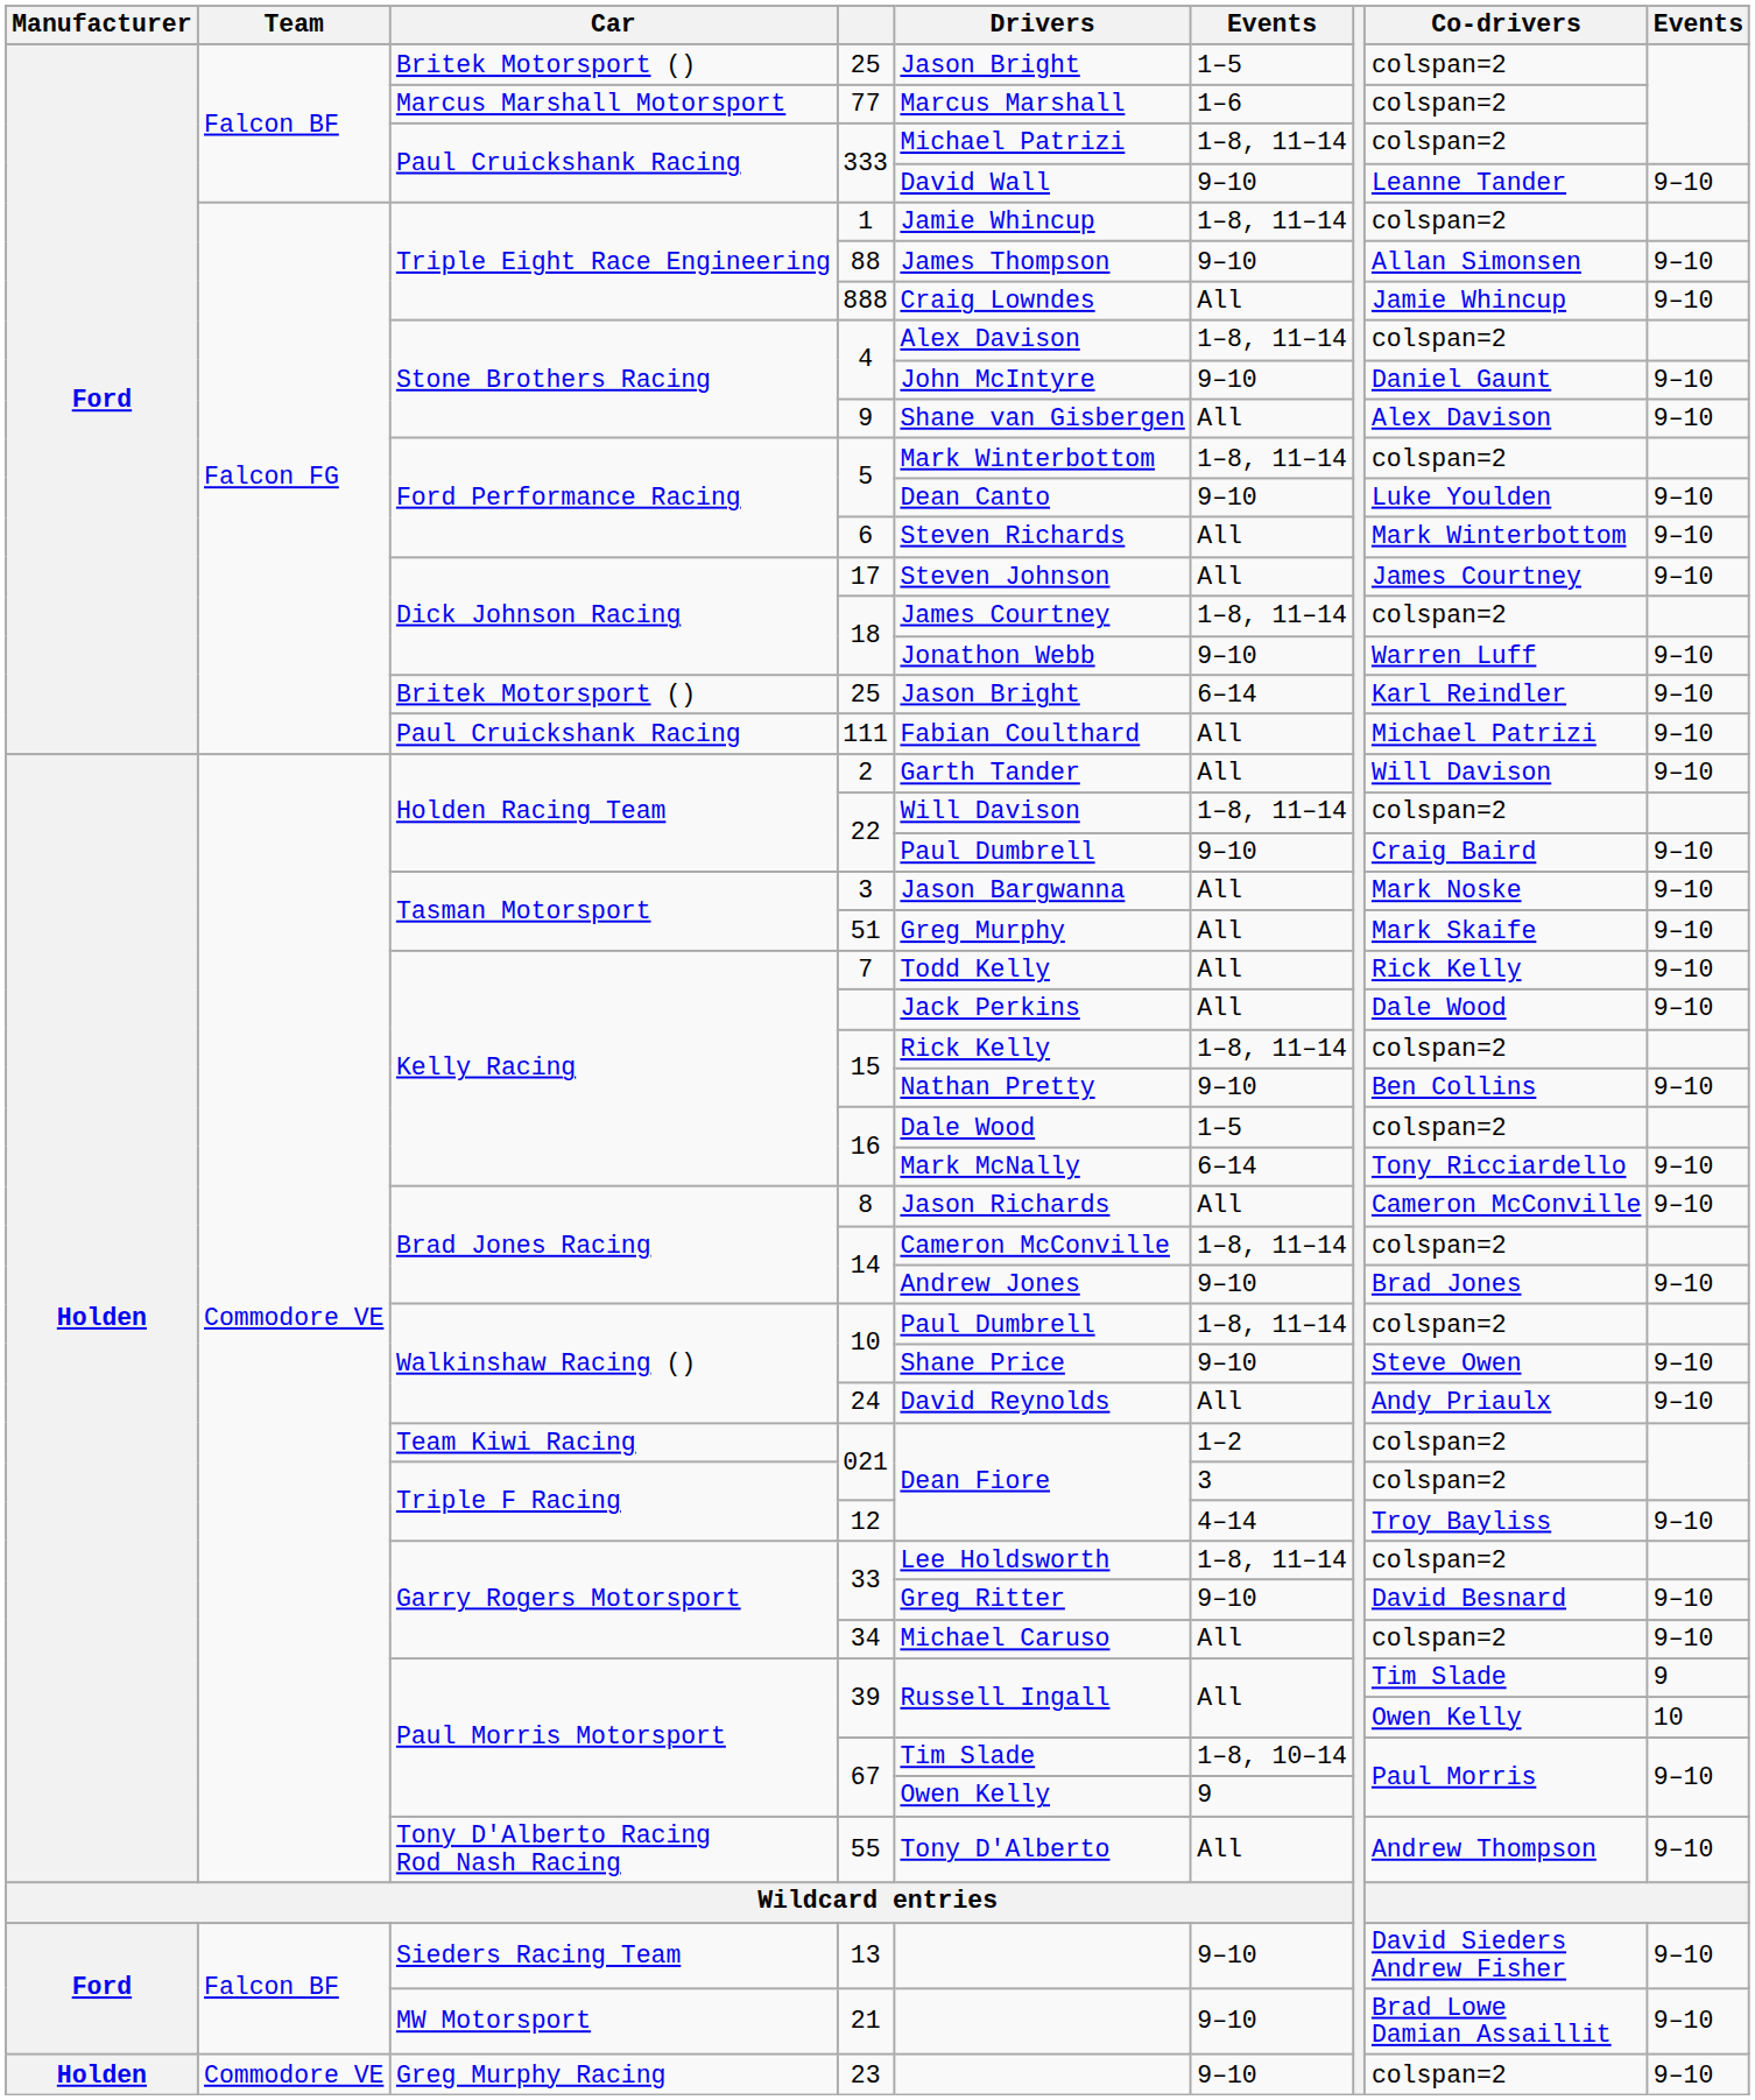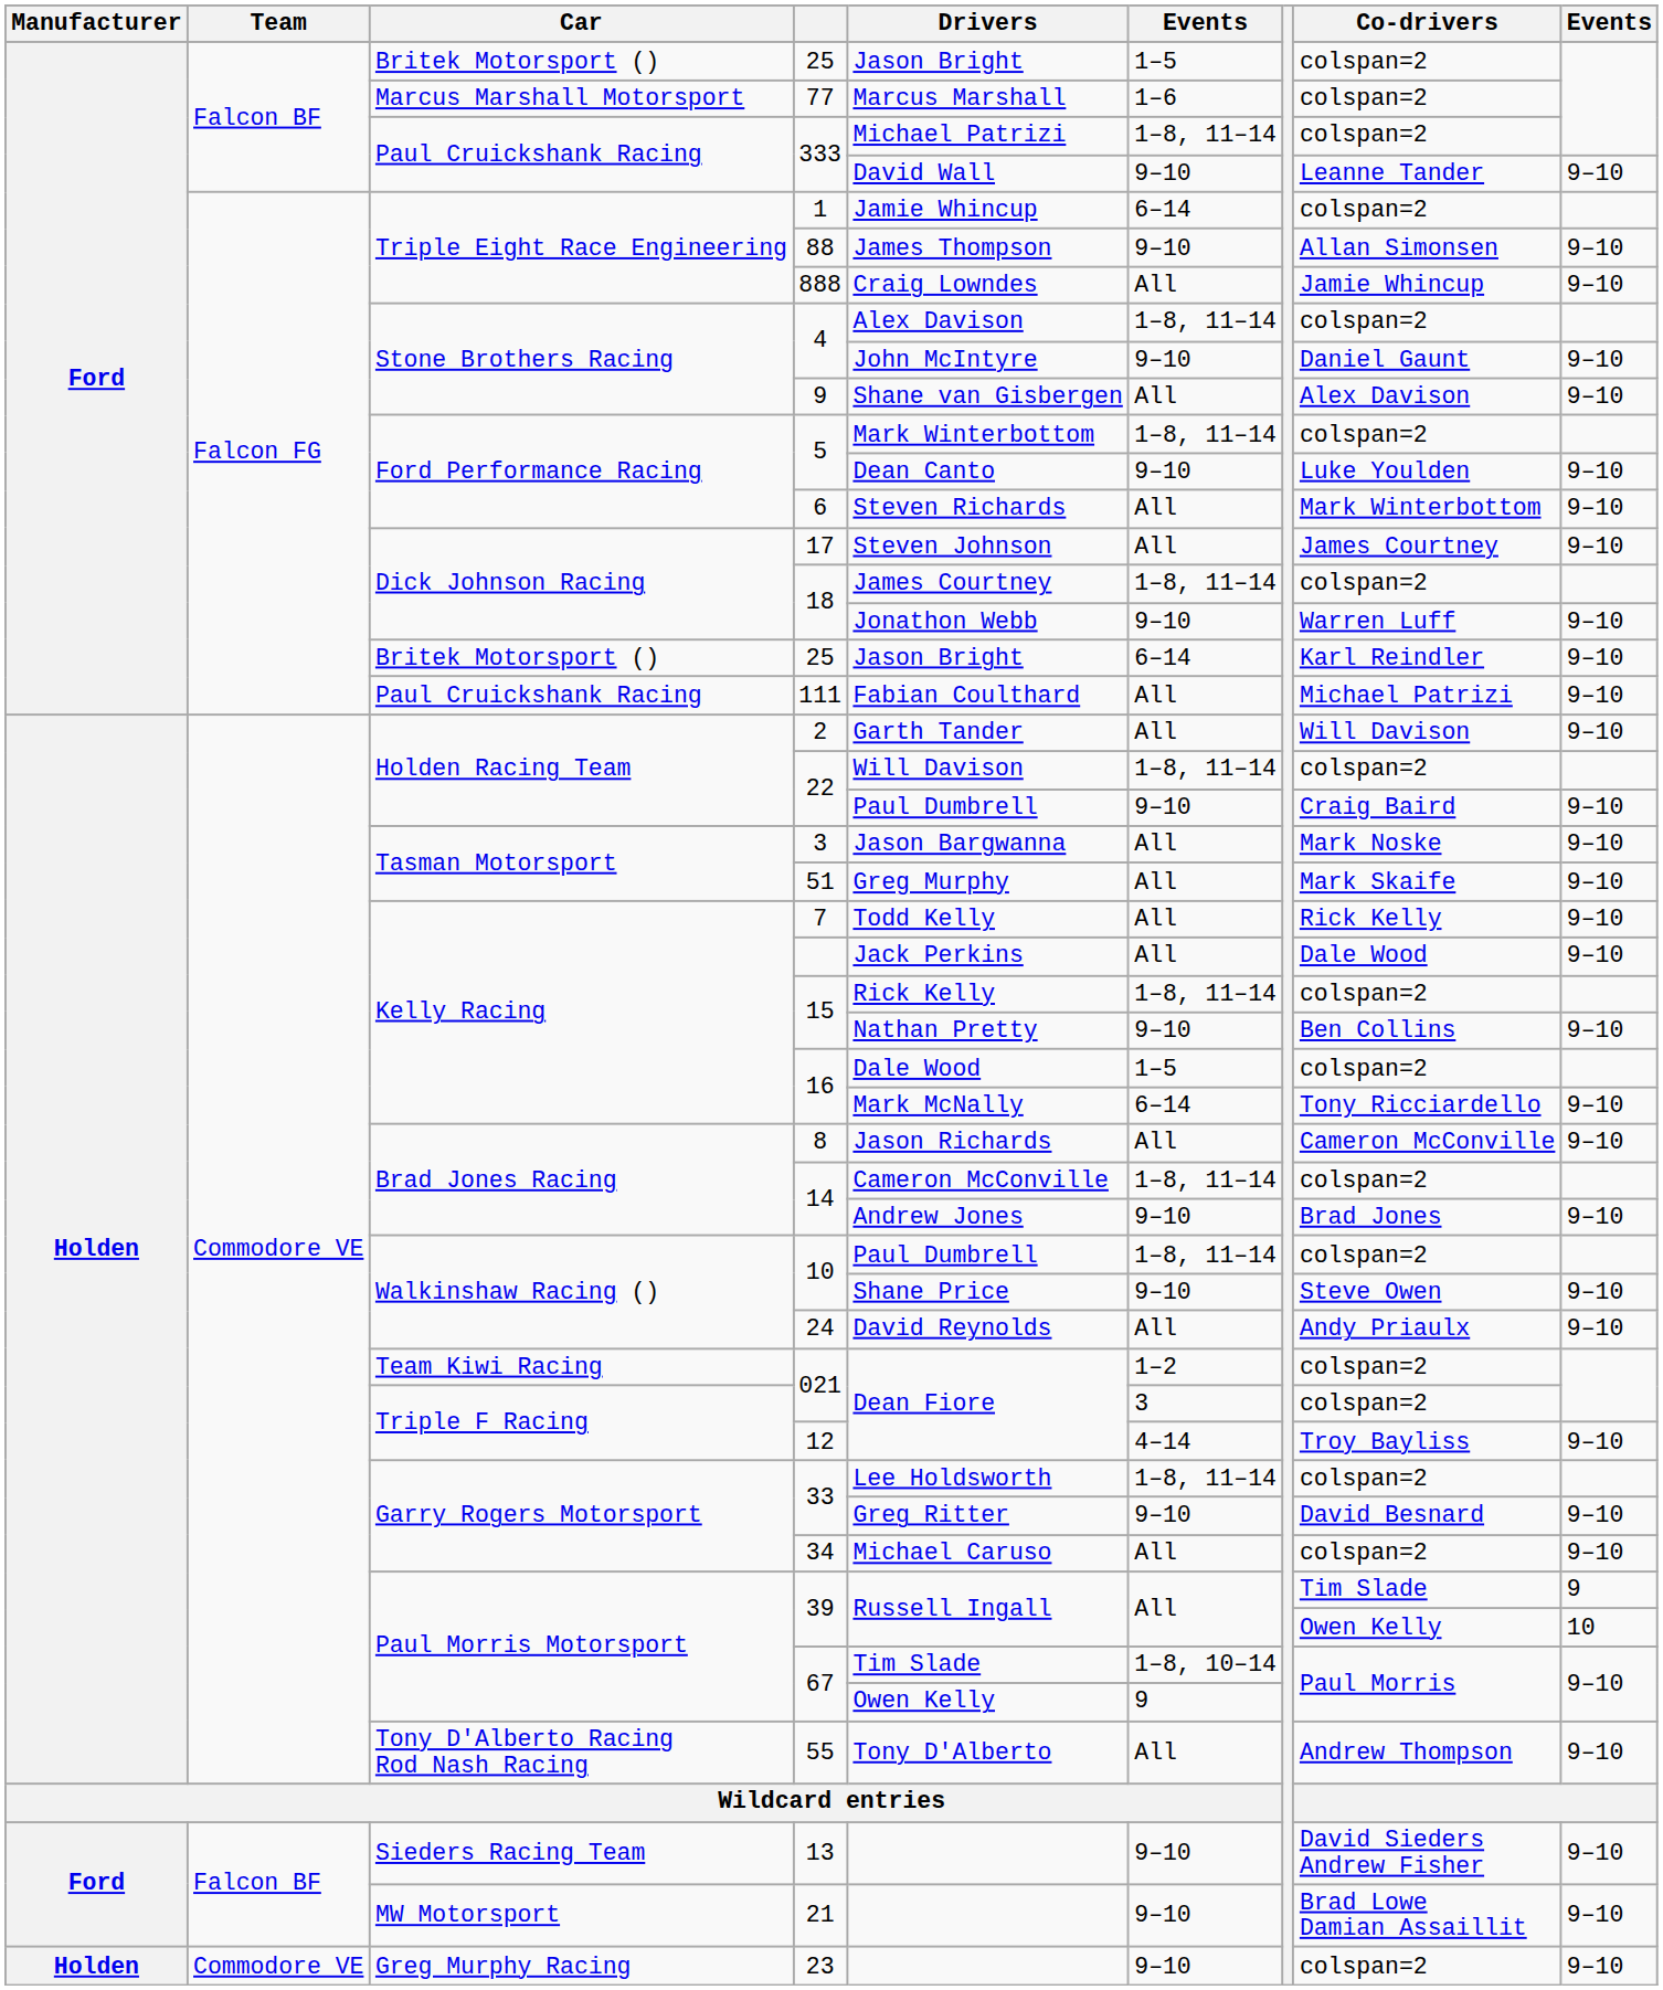 <table class="wikitable" style="font-size: 85%;">
 <tr>
 <th>Manufacturer</th>
 <th>Team</th>
 <th>Car</th>
 <th></th>
 <th>Drivers</th>
 <th>Events</th>
 <th rowspan=51></th>
 <th>Co-drivers</th>
 <th>Events</th>
 </tr>
 <tr>
 <th rowspan=18><a href='#'>Ford</a></th>
 <td rowspan=4><a href='#'>Falcon BF</a></td>
 <td><a href='#'>Britek Motorsport</a> ()</td>
 <td align=center>25</td>
 <td> <a href='#'>Jason Bright</a></td>
 <td>1–5</td>
 <td>colspan=2 </td>
 </tr>
 <tr>
 <td><a href='#'>Marcus Marshall Motorsport</a></td>
 <td align=center>77</td>
 <td> <a href='#'>Marcus Marshall</a></td>
 <td>1–6</td>
 <td>colspan=2 </td>
 </tr>
 <tr>
 <td rowspan=2><a href='#'>Paul Cruickshank Racing</a></td>
 <td rowspan=2 align=center>333</td>
 <td> <a href='#'>Michael Patrizi</a></td>
 <td>1–8, 11–14</td>
 <td>colspan=2 </td>
 </tr>
 <tr>
 <td> <a href='#'>David Wall</a></td>
 <td>9–10</td>
 <td> <a href='#'>Leanne Tander</a></td>
 <td>9–10</td>
 </tr>
 <tr>
 <td rowspan=14><a href='#'>Falcon FG</a></td>
 <td rowspan=3><a href='#'>Triple Eight Race Engineering</a></td>
 <td align=center>1</td>
 <td> <a href='#'>Jamie Whincup</a></td>
-<td>1–8, 11–14</td>
+<td>6–14</td>
 <td>colspan=2 </td>
 </tr>
 <tr>
 <td align=center>88</td>
 <td> <a href='#'>James Thompson</a></td>
 <td>9–10</td>
 <td> <a href='#'>Allan Simonsen</a></td>
 <td>9–10</td>
 </tr>
 <tr>
 <td align=center>888</td>
 <td> <a href='#'>Craig Lowndes</a></td>
 <td>All</td>
 <td> <a href='#'>Jamie Whincup</a></td>
 <td>9–10</td>
 </tr>
 <tr>
 <td rowspan=3><a href='#'>Stone Brothers Racing</a></td>
 <td rowspan=2 align=center>4</td>
 <td> <a href='#'>Alex Davison</a></td>
 <td>1–8, 11–14</td>
 <td>colspan=2 </td>
 </tr>
 <tr>
 <td> <a href='#'>John McIntyre</a></td>
 <td>9–10</td>
 <td> <a href='#'>Daniel Gaunt</a></td>
 <td>9–10</td>
 </tr>
 <tr>
 <td align=center>9</td>
 <td> <a href='#'>Shane van Gisbergen</a></td>
 <td>All</td>
 <td> <a href='#'>Alex Davison</a></td>
 <td>9–10</td>
 </tr>
 <tr>
 <td rowspan=3><a href='#'>Ford Performance Racing</a></td>
 <td rowspan=2 align=center>5</td>
 <td> <a href='#'>Mark Winterbottom</a></td>
 <td>1–8, 11–14</td>
 <td>colspan=2 </td>
 </tr>
 <tr>
 <td> <a href='#'>Dean Canto</a></td>
 <td>9–10</td>
 <td> <a href='#'>Luke Youlden</a></td>
 <td>9–10</td>
 </tr>
 <tr>
 <td align=center>6</td>
 <td> <a href='#'>Steven Richards</a></td>
 <td>All</td>
 <td> <a href='#'>Mark Winterbottom</a></td>
 <td>9–10</td>
 </tr>
 <tr>
 <td rowspan=3><a href='#'>Dick Johnson Racing</a></td>
 <td align=center>17</td>
 <td> <a href='#'>Steven Johnson</a></td>
 <td>All</td>
 <td> <a href='#'>James Courtney</a></td>
 <td>9–10</td>
 </tr>
 <tr>
 <td rowspan=2 align=center>18</td>
 <td> <a href='#'>James Courtney</a></td>
 <td>1–8, 11–14</td>
 <td>colspan=2 </td>
 </tr>
 <tr>
 <td> <a href='#'>Jonathon Webb</a></td>
 <td>9–10</td>
 <td> <a href='#'>Warren Luff</a></td>
 <td>9–10</td>
 </tr>
 <tr>
 <td><a href='#'>Britek Motorsport</a> ()</td>
 <td align=center>25</td>
 <td> <a href='#'>Jason Bright</a></td>
 <td>6–14</td>
 <td> <a href='#'>Karl Reindler</a></td>
 <td>9–10</td>
 </tr>
 <tr>
 <td><a href='#'>Paul Cruickshank Racing</a></td>
 <td align=center>111</td>
 <td> <a href='#'>Fabian Coulthard</a></td>
 <td>All</td>
 <td> <a href='#'>Michael Patrizi</a></td>
 <td>9–10</td>
 </tr>
 <tr>
 <th rowspan=28><a href='#'>Holden</a></th>
 <td rowspan=28><a href='#'>Commodore VE</a></td>
 <td rowspan=3><a href='#'>Holden Racing Team</a></td>
 <td align=center>2</td>
 <td> <a href='#'>Garth Tander</a></td>
 <td>All</td>
 <td> <a href='#'>Will Davison</a></td>
 <td>9–10</td>
 </tr>
 <tr>
 <td rowspan=2 align=center>22</td>
 <td> <a href='#'>Will Davison</a></td>
 <td>1–8, 11–14</td>
 <td>colspan=2 </td>
 </tr>
 <tr>
 <td> <a href='#'>Paul Dumbrell</a></td>
 <td>9–10</td>
 <td> <a href='#'>Craig Baird</a></td>
 <td>9–10</td>
 </tr>
 <tr>
 <td rowspan=2><a href='#'>Tasman Motorsport</a></td>
 <td align=center>3</td>
 <td> <a href='#'>Jason Bargwanna</a></td>
 <td>All</td>
 <td> <a href='#'>Mark Noske</a></td>
 <td>9–10</td>
 </tr>
 <tr>
 <td align=center>51</td>
 <td> <a href='#'>Greg Murphy</a></td>
 <td>All</td>
 <td> <a href='#'>Mark Skaife</a></td>
 <td>9–10</td>
 </tr>
 <tr>
 <td rowspan=6><a href='#'>Kelly Racing</a></td>
 <td align=center>7</td>
 <td> <a href='#'>Todd Kelly</a></td>
 <td>All</td>
 <td> <a href='#'>Rick Kelly</a></td>
 <td>9–10</td>
 </tr>
 <tr>
 <td align=center></td>
 <td> <a href='#'>Jack Perkins</a></td>
 <td>All</td>
 <td> <a href='#'>Dale Wood</a></td>
 <td>9–10</td>
 </tr>
 <tr>
 <td rowspan=2 align=center>15</td>
 <td> <a href='#'>Rick Kelly</a></td>
 <td>1–8, 11–14</td>
 <td>colspan=2 </td>
 </tr>
 <tr>
 <td> <a href='#'>Nathan Pretty</a></td>
 <td>9–10</td>
 <td> <a href='#'>Ben Collins</a></td>
 <td>9–10</td>
 </tr>
 <tr>
 <td align=center rowspan="2">16</td>
 <td> <a href='#'>Dale Wood</a></td>
 <td>1–5</td>
 <td>colspan=2 </td>
 </tr>
 <tr>
 <td> <a href='#'>Mark McNally</a></td>
 <td>6–14</td>
 <td> <a href='#'>Tony Ricciardello</a></td>
 <td>9–10</td>
 </tr>
 <tr>
 <td rowspan=3><a href='#'>Brad Jones Racing</a></td>
 <td align=center>8</td>
 <td> <a href='#'>Jason Richards</a></td>
 <td>All</td>
 <td> <a href='#'>Cameron McConville</a></td>
 <td>9–10</td>
 </tr>
 <tr>
 <td rowspan=2 align=center>14</td>
 <td> <a href='#'>Cameron McConville</a></td>
 <td>1–8, 11–14</td>
 <td>colspan=2 </td>
 </tr>
 <tr>
 <td> <a href='#'>Andrew Jones</a></td>
 <td>9–10</td>
 <td> <a href='#'>Brad Jones</a></td>
 <td>9–10</td>
 </tr>
 <tr>
 <td rowspan=3><a href='#'>Walkinshaw Racing</a> ()</td>
 <td align=center rowspan=2>10</td>
 <td> <a href='#'>Paul Dumbrell</a></td>
 <td>1–8, 11–14</td>
 <td>colspan=2 </td>
 </tr>
 <tr>
 <td> <a href='#'>Shane Price</a></td>
 <td>9–10</td>
 <td> <a href='#'>Steve Owen</a></td>
 <td>9–10</td>
 </tr>
 <tr>
 <td align=center>24</td>
 <td> <a href='#'>David Reynolds</a></td>
 <td>All</td>
 <td> <a href='#'>Andy Priaulx</a></td>
 <td>9–10</td>
 </tr>
 <tr>
 <td><a href='#'>Team Kiwi Racing</a></td>
 <td rowspan=2 align=center>021</td>
 <td rowspan=3> <a href='#'>Dean Fiore</a></td>
 <td>1–2</td>
 <td>colspan=2 </td>
 </tr>
 <tr>
 <td rowspan=2><a href='#'>Triple F Racing</a></td>
 <td>3</td>
 <td>colspan=2 </td>
 </tr>
 <tr>
 <td align=center>12</td>
 <td>4–14</td>
 <td> <a href='#'>Troy Bayliss</a></td>
 <td>9–10</td>
 </tr>
 <tr>
 <td rowspan=3><a href='#'>Garry Rogers Motorsport</a></td>
 <td rowspan=2 align=center>33</td>
 <td> <a href='#'>Lee Holdsworth</a></td>
 <td>1–8, 11–14</td>
 <td>colspan=2 </td>
 </tr>
 <tr>
 <td> <a href='#'>Greg Ritter</a></td>
 <td>9–10</td>
 <td> <a href='#'>David Besnard</a></td>
 <td>9–10</td>
 </tr>
 <tr>
 <td align=center>34</td>
 <td> <a href='#'>Michael Caruso</a></td>
 <td>All</td>
 <td>colspan=2 </td>
 <td>9–10</td>
 </tr>
 <tr>
 <td rowspan=4><a href='#'>Paul Morris Motorsport</a></td>
 <td rowspan=2 align=center>39</td>
 <td rowspan=2> <a href='#'>Russell Ingall</a></td>
 <td rowspan=2>All</td>
 <td> <a href='#'>Tim Slade</a></td>
 <td>9</td>
 </tr>
 <tr>
 <td> <a href='#'>Owen Kelly</a></td>
 <td>10</td>
 </tr>
 <tr>
 <td rowspan=2 align=center>67</td>
 <td> <a href='#'>Tim Slade</a></td>
 <td>1–8, 10–14</td>
 <td rowspan=2> <a href='#'>Paul Morris</a></td>
 <td rowspan=2>9–10</td>
 </tr>
 <tr>
 <td> <a href='#'>Owen Kelly</a></td>
 <td>9</td>
 </tr>
 <tr>
 <td><a href='#'>Tony D'Alberto Racing</a><br> <a href='#'>Rod Nash Racing</a></td>
 <td align=center>55</td>
 <td> <a href='#'>Tony D'Alberto</a></td>
 <td>All</td>
 <td> <a href='#'>Andrew Thompson</a></td>
 <td>9–10</td>
 </tr>
 <tr>
 <th colspan=9>Wildcard entries</th>
 </tr>
 <tr>
 <th rowspan=2><a href='#'>Ford</a></th>
 <td rowspan=2><a href='#'>Falcon BF</a></td>
 <td><a href='#'>Sieders Racing Team</a></td>
 <td align=center>13</td>
 <td></td>
 <td>9–10</td>
 <td> <a href='#'>David Sieders</a><br>  <a href='#'>Andrew Fisher</a></td>
 <td>9–10</td>
 </tr>
 <tr>
 <td><a href='#'>MW Motorsport</a></td>
 <td align=center>21</td>
 <td></td>
 <td>9–10</td>
 <td> <a href='#'>Brad Lowe</a><br>  <a href='#'>Damian Assaillit</a></td>
 <td>9–10</td>
 </tr>
 <tr>
 <th><a href='#'>Holden</a></th>
 <td><a href='#'>Commodore VE</a></td>
 <td><a href='#'>Greg Murphy Racing</a></td>
 <td align=center>23</td>
 <td></td>
 <td>9–10</td>
 <td>colspan=2 </td>
 <td>9–10</td>
 </tr>
 </table>
